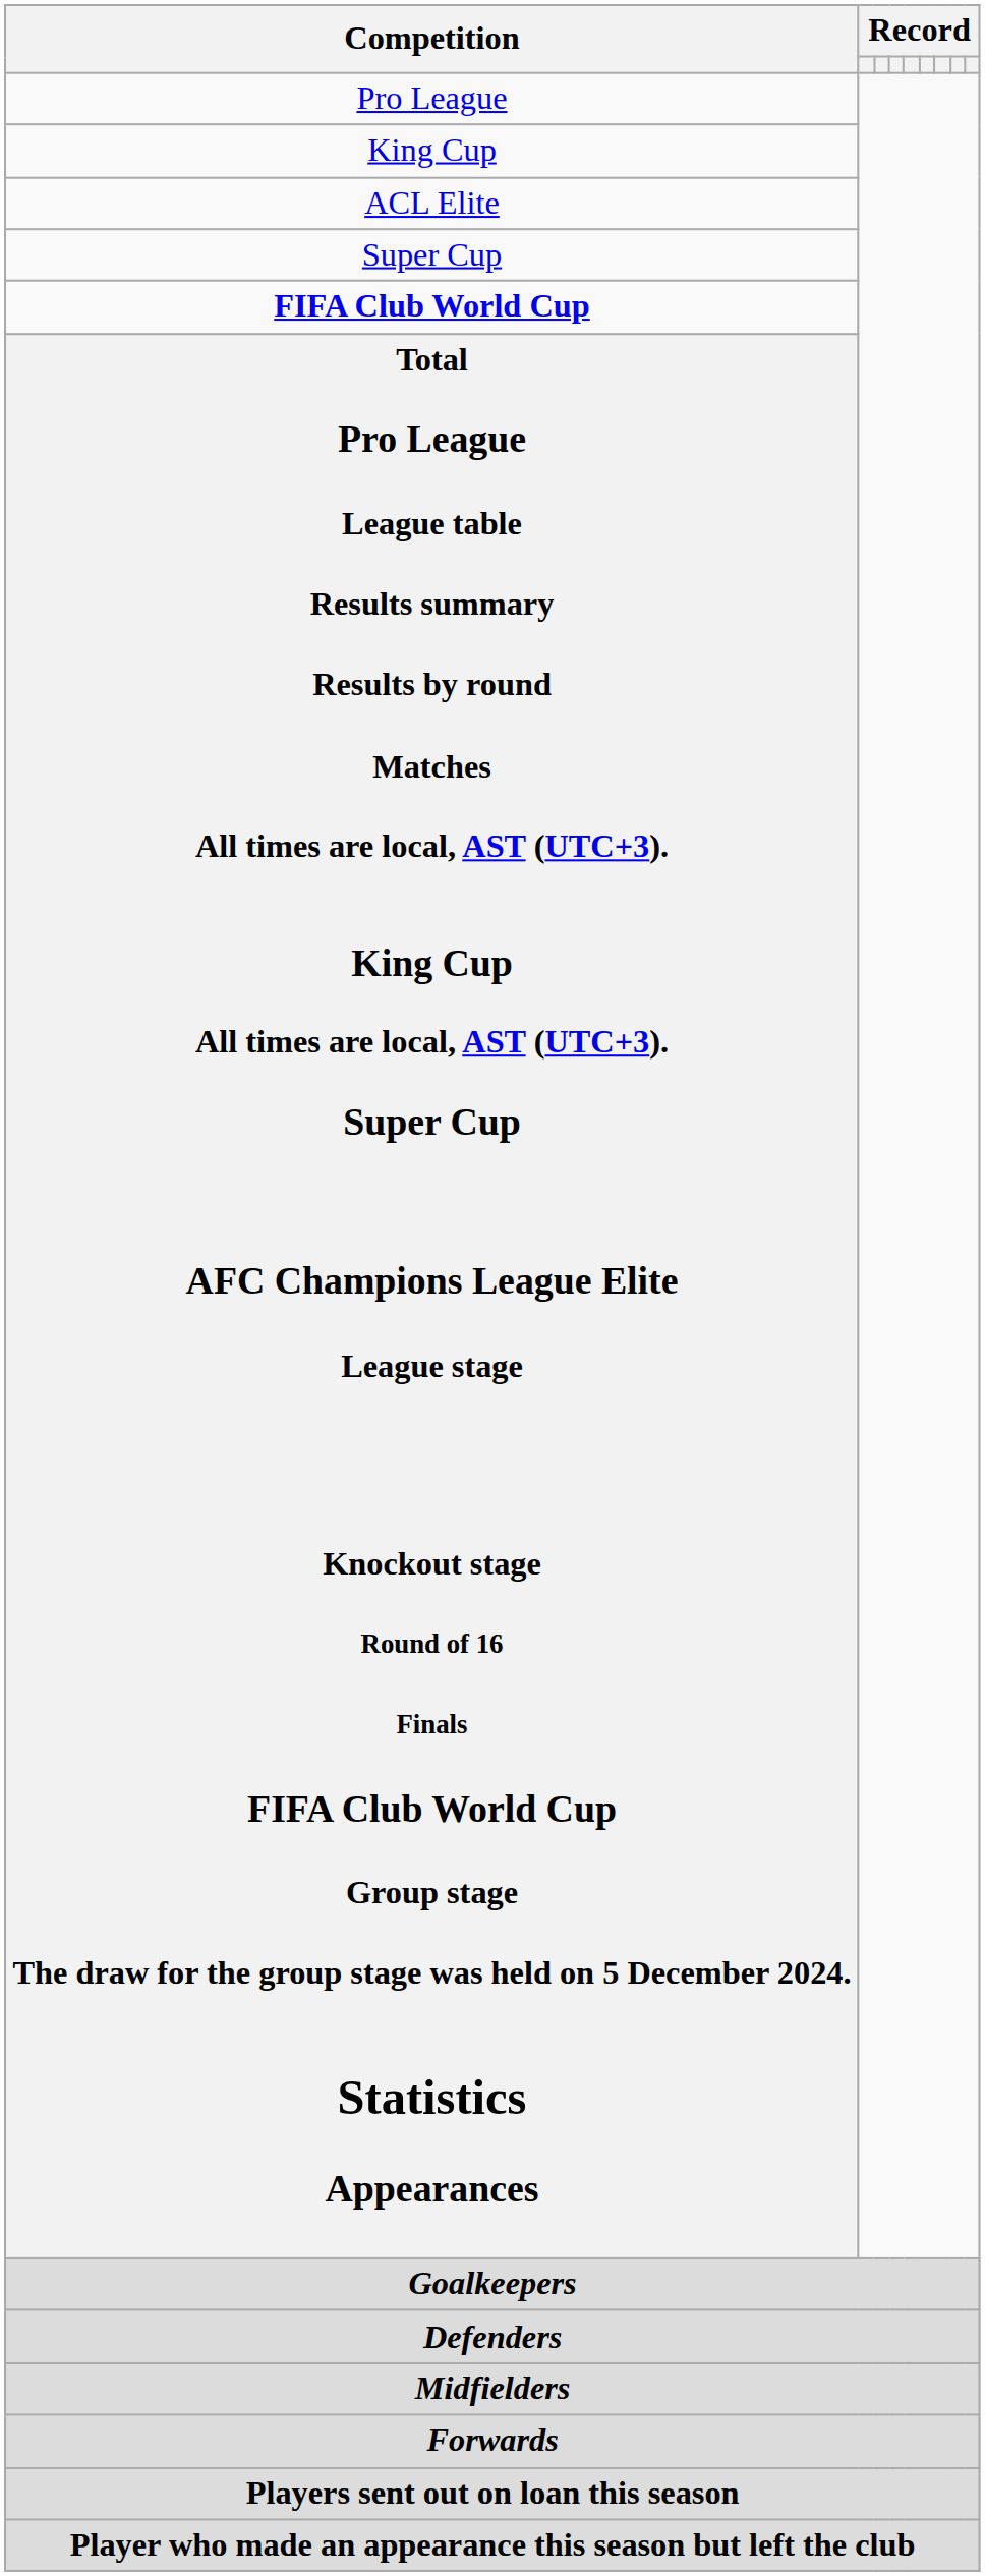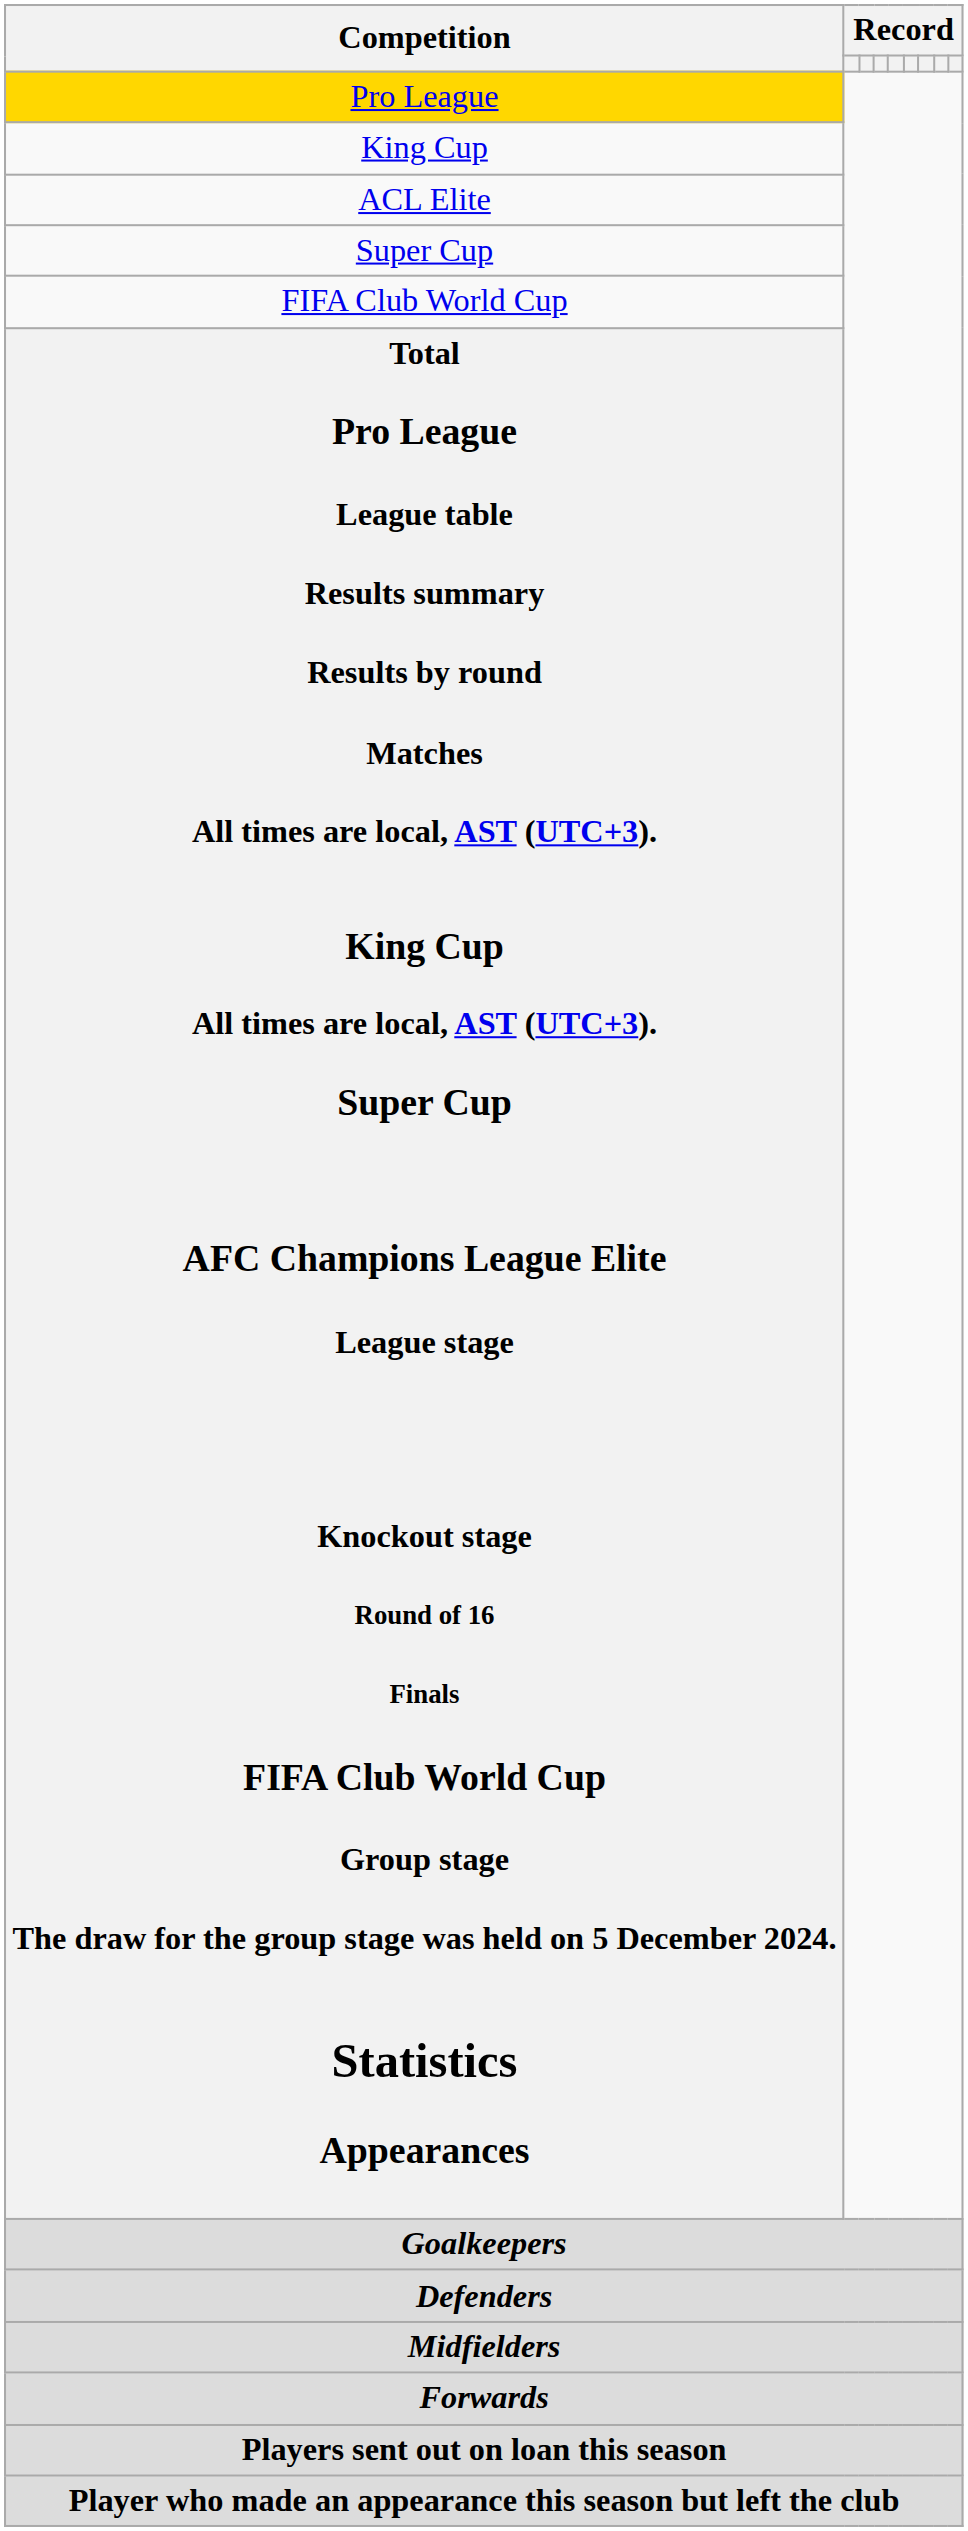 <table class="wikitable" style="text-align: center">
 <tr>
 <th rowspan=2>Competition</th>
 <th colspan=8>Record</th>
 </tr>
 <tr>
 <th></th>
 <th></th>
 <th></th>
 <th></th>
 <th></th>
 <th></th>
 <th></th>
 <th></th>
 </tr>
 <tr>
-<td><a href='#'>Pro League</a><br></td>
+<td style="background: gold;"><a href='#'>Pro League</a><br></td>
 </tr>
 <tr>
 <td><a href='#'>King Cup</a><br></td>
 </tr>
 <tr>
 <td><a href='#'>ACL Elite</a><br></td>
 </tr>
 <tr>
 <td><a href='#'>Super Cup</a><br></td>
 </tr>
 <tr>
-<td><strong><a href='#'>FIFA Club World Cup</a><br></strong></td>
+<td><a href='#'>FIFA Club World Cup</a><br></td>
 </tr>
 <tr>
 <th>Total<br> <h3>Pro League</h3><h4>League table</h4><h4>Results summary</h4> <h4>Results by round</h4><h4>Matches</h4>All times are local, <a href='#'>AST</a> (<a href='#'>UTC+3</a>).<br>   <br>                                 <h3>King Cup</h3> All times are local, <a href='#'>AST</a> (<a href='#'>UTC+3</a>).<br>  <h3>Super Cup</h3><br> <h3>AFC Champions League Elite</h3><h4>League stage</h4><br><br>       <h4>Knockout stage</h4><h5>Round of 16</h5> <h5>Finals</h5> <h3>FIFA Club World Cup</h3><h4>Group stage</h4>The draw for the group stage was held on 5 December 2024.<br><br>  <h2>Statistics</h2><h3>Appearances</h3></th>
 </tr>
 <tr>
 <th colspan=20 style=background:#dcdcdc; text-align:center><em>Goalkeepers</em><br>    </th>
 </tr>
 <tr>
 <th colspan=20 style=background:#dcdcdc; text-align:center><em>Defenders</em><br>          </th>
 </tr>
 <tr>
 <th colspan=20 style=background:#dcdcdc; text-align:center><em>Midfielders</em><br>      </th>
 </tr>
 <tr>
 <th colspan=20 style=background:#dcdcdc; text-align:center><em>Forwards</em><br>     </th>
 </tr>
 <tr>
 <th colspan=20 style=background:#dcdcdc; text-align:center>Players sent out on loan this season<br> </th>
 </tr>
 <tr>
 <th colspan=20 style=background:#dcdcdc; text-align:center>Player who made an appearance this season but left the club<br>   </th>
 </tr>
 </table>
